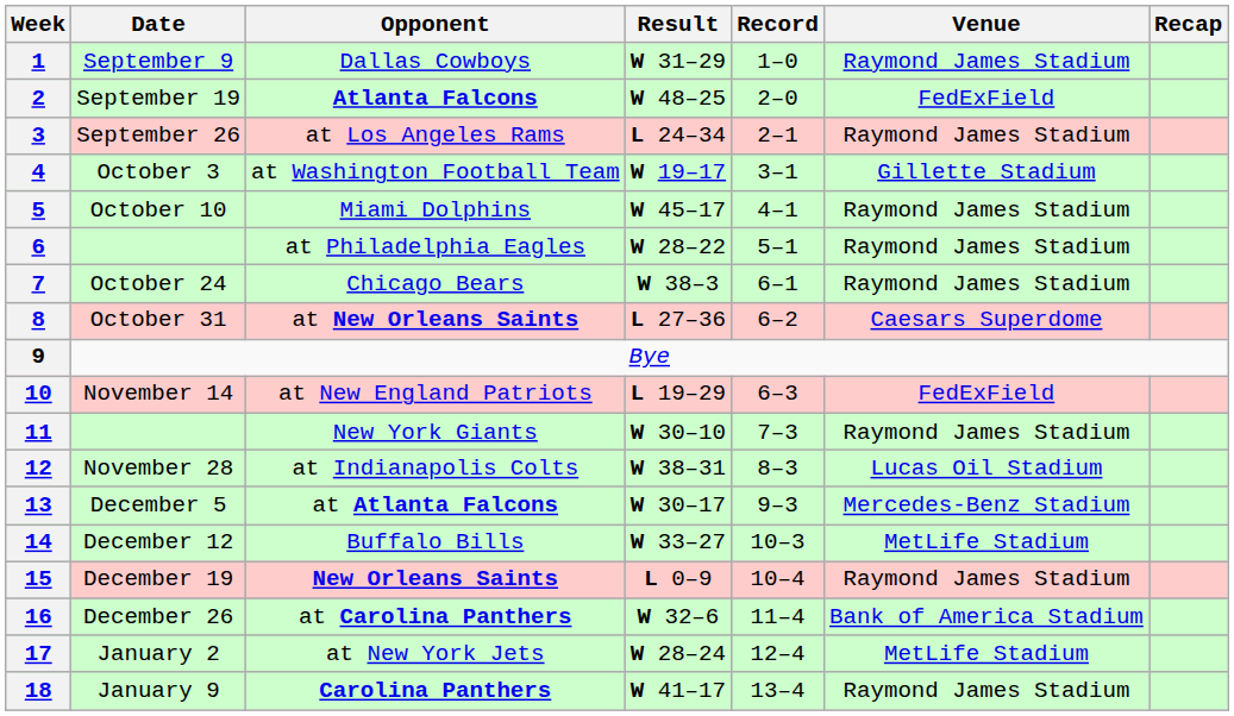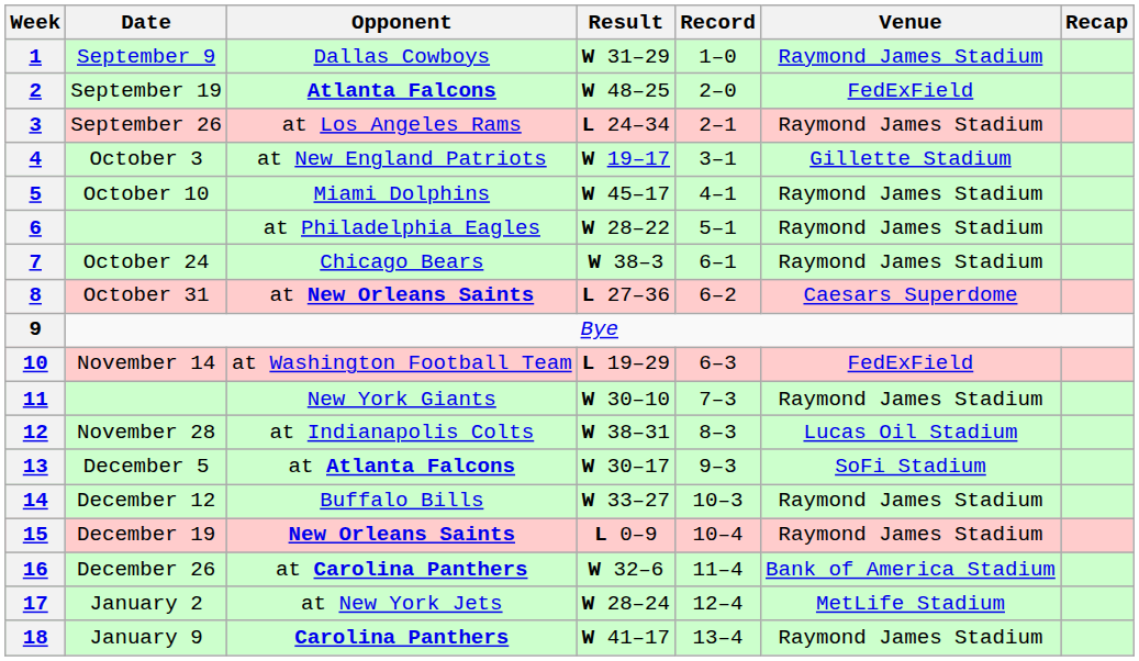 <table class="wikitable" style="text-align:center">
 <tr>
 <th>Week</th>
 <th>Date</th>
 <th>Opponent</th>
 <th>Result</th>
 <th>Record</th>
 <th>Venue</th>
 <th>Recap</th>
 </tr>
 <tr style="background:#cfc">
 <th><a href='#'>1</a></th>
 <td><a href='#'>September 9</a></td>
 <td><a href='#'>Dallas Cowboys</a></td>
 <td><strong>W</strong> 31–29</td>
 <td>1–0</td>
 <td><a href='#'>Raymond James Stadium</a></td>
 <td></td>
 </tr>
 <tr style="background:#cfc">
 <th><a href='#'>2</a></th>
 <td>September 19</td>
 <td><strong><a href='#'>Atlanta Falcons</a></strong></td>
 <td><strong>W</strong> 48–25</td>
 <td>2–0</td>
 <td><a href='#'>FedExField</a></td>
 <td></td>
 </tr>
 <tr style="background:#fcc">
 <th><a href='#'>3</a></th>
 <td>September 26</td>
 <td>at <a href='#'>Los Angeles Rams</a></td>
 <td><strong>L</strong> 24–34</td>
 <td>2–1</td>
 <td>Raymond James Stadium</td>
 <td></td>
 </tr>
 <tr style="background:#cfc">
 <th><a href='#'>4</a></th>
 <td>October 3</td>
-<td>at <a href='#'>Washington Football Team</a></td>
+<td>at <a href='#'>New England Patriots</a></td>
 <td><strong>W</strong> <a href='#'>19–17</a></td>
 <td>3–1</td>
 <td><a href='#'>Gillette Stadium</a></td>
 <td></td>
 </tr>
 <tr style="background:#cfc">
 <th><a href='#'>5</a></th>
 <td>October 10</td>
 <td><a href='#'>Miami Dolphins</a></td>
 <td><strong>W</strong> 45–17</td>
 <td>4–1</td>
 <td>Raymond James Stadium</td>
 <td></td>
 </tr>
 <tr style="background:#cfc">
 <th><a href='#'>6</a></th>
 <td></td>
 <td>at <a href='#'>Philadelphia Eagles</a></td>
 <td><strong>W</strong> 28–22</td>
 <td>5–1</td>
 <td>Raymond James Stadium</td>
 <td></td>
 </tr>
 <tr style="background:#cfc">
 <th><a href='#'>7</a></th>
 <td>October 24</td>
 <td><a href='#'>Chicago Bears</a></td>
 <td><strong>W</strong> 38–3</td>
 <td>6–1</td>
 <td>Raymond James Stadium</td>
 <td></td>
 </tr>
 <tr style="background:#fcc">
 <th><a href='#'>8</a></th>
 <td>October 31</td>
 <td>at <strong><a href='#'>New Orleans Saints</a></strong></td>
 <td><strong>L</strong> 27–36</td>
 <td>6–2</td>
 <td><a href='#'>Caesars Superdome</a></td>
 <td></td>
 </tr>
 <tr>
 <th>9</th>
 <td colspan="6"><em><a href='#'>Bye</a></em></td>
 </tr>
 <tr style="background:#fcc">
 <th><a href='#'>10</a></th>
 <td>November 14</td>
-<td>at <a href='#'>New England Patriots</a></td>
+<td>at <a href='#'>Washington Football Team</a></td>
 <td><strong>L</strong> 19–29</td>
 <td>6–3</td>
 <td><a href='#'>FedExField</a></td>
 <td></td>
 </tr>
 <tr style="background:#cfc">
 <th><a href='#'>11</a></th>
 <td></td>
 <td><a href='#'>New York Giants</a></td>
 <td><strong>W</strong> 30–10</td>
 <td>7–3</td>
 <td>Raymond James Stadium</td>
 <td></td>
 </tr>
 <tr style="background:#cfc">
 <th><a href='#'>12</a></th>
 <td>November 28</td>
 <td>at <a href='#'>Indianapolis Colts</a></td>
 <td><strong>W</strong> 38–31</td>
 <td>8–3</td>
 <td><a href='#'>Lucas Oil Stadium</a></td>
 <td></td>
 </tr>
 <tr style="background:#cfc">
 <th><a href='#'>13</a></th>
 <td>December 5</td>
 <td>at <strong><a href='#'>Atlanta Falcons</a></strong></td>
 <td><strong>W</strong> 30–17</td>
 <td>9–3</td>
-<td><a href='#'>Mercedes-Benz Stadium</a></td>
+<td><a href='#'>SoFi Stadium</a></td>
 <td></td>
 </tr>
 <tr style="background:#cfc">
 <th><a href='#'>14</a></th>
 <td>December 12</td>
 <td><a href='#'>Buffalo Bills</a></td>
 <td><strong>W</strong> 33–27 </td>
 <td>10–3</td>
-<td><a href='#'>MetLife Stadium</a></td>
+<td>Raymond James Stadium</td>
 <td></td>
 </tr>
 <tr style="background:#fcc">
 <th><a href='#'>15</a></th>
 <td>December 19</td>
 <td><strong><a href='#'>New Orleans Saints</a></strong></td>
 <td><strong>L</strong> 0–9</td>
 <td>10–4</td>
 <td>Raymond James Stadium</td>
 <td></td>
 </tr>
 <tr style="background:#cfc">
 <th><a href='#'>16</a></th>
 <td>December 26</td>
 <td>at <strong><a href='#'>Carolina Panthers</a></strong></td>
 <td><strong>W</strong> 32–6</td>
 <td>11–4</td>
 <td><a href='#'>Bank of America Stadium</a></td>
 <td></td>
 </tr>
 <tr style="background:#cfc">
 <th><a href='#'>17</a></th>
 <td>January 2</td>
 <td>at <a href='#'>New York Jets</a></td>
 <td><strong>W</strong> 28–24</td>
 <td>12–4</td>
 <td><a href='#'>MetLife Stadium</a></td>
 <td></td>
 </tr>
 <tr style="background:#cfc">
 <th><a href='#'>18</a></th>
 <td>January 9</td>
 <td><strong><a href='#'>Carolina Panthers</a></strong></td>
 <td><strong>W</strong> 41–17</td>
 <td>13–4</td>
 <td>Raymond James Stadium</td>
 <td></td>
 </tr>
 </table>
